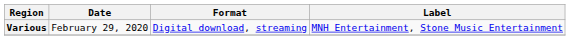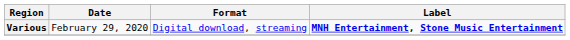 <table class="wikitable plainrowheaders">
 <tr>
 <th>Region</th>
 <th>Date</th>
 <th>Format</th>
 <th>Label</th>
 </tr>
 <tr>
 <th scope="row">Various</th>
 <td>February 29, 2020</td>
 <td><a href='#'>Digital download</a>, <a href='#'>streaming</a></td>
-<td><a href='#'>MNH Entertainment</a>, <a href='#'>Stone Music Entertainment</a></td>
+<td><strong><a href='#'>MNH Entertainment</a>, <a href='#'>Stone Music Entertainment</a></strong></td>
 </tr>
 <tr>
 </tr>
 </table>
